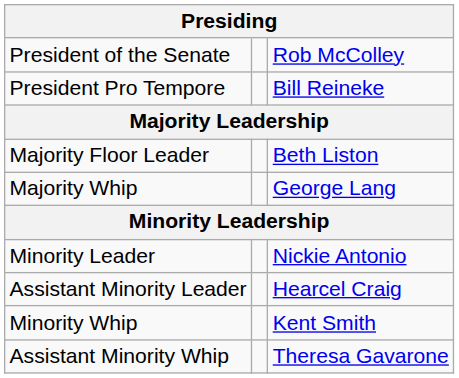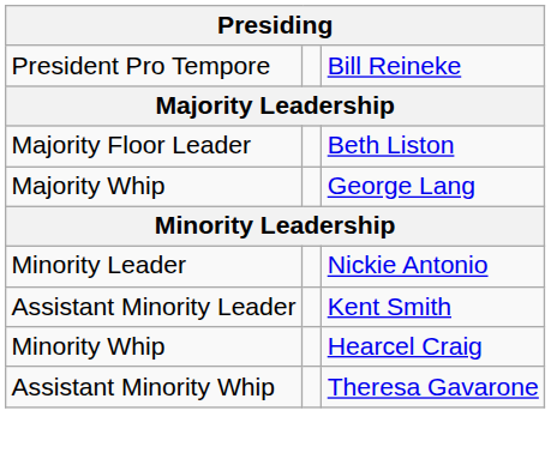 <table class="wikitable">
 <tr>
 <th colspan="3" style="text-align:center; font-weight:bold; ">Presiding</th>
-</tr>
-<tr>
-<td>President of the Senate</td>
-<td style="width:5px; background:"></td>
-<td><a href='#'>Rob McColley</a></td>
 </tr>
 <tr>
 <td>President Pro Tempore</td>
 <td style="width:5px; background:"></td>
 <td><a href='#'>Bill Reineke</a></td>
 </tr>
 <tr>
 <th colspan="3" style="text-align:center; font-weight:bold; ">Majority Leadership</th>
 </tr>
 <tr>
 <td>Majority Floor Leader</td>
 <td style="width:5px; background:"></td>
 <td><a href='#'>Beth Liston</a></td>
 </tr>
 <tr>
 <td>Majority Whip</td>
 <td style="width:5px; background:"></td>
 <td><a href='#'>George Lang</a></td>
 </tr>
 <tr>
 <th colspan="3" style="text-align:center; font-weight:bold; ">Minority Leadership</th>
 </tr>
 <tr>
 <td>Minority Leader</td>
 <td style="width:5px; background:"></td>
 <td><a href='#'>Nickie Antonio</a></td>
 </tr>
 <tr>
 <td>Assistant Minority Leader</td>
 <td style="width:5px; background:"></td>
-<td><a href='#'>Hearcel Craig</a></td>
+<td><a href='#'>Kent Smith</a></td>
 </tr>
 <tr>
 <td>Minority Whip</td>
 <td style="width:5px; background:"></td>
-<td><a href='#'>Kent Smith</a></td>
+<td><a href='#'>Hearcel Craig</a></td>
 </tr>
 <tr>
 <td>Assistant Minority Whip</td>
 <td style="width:5px; background:"></td>
 <td><a href='#'>Theresa Gavarone</a></td>
 </tr>
 </table>
